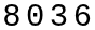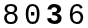 <table cellspacing="0" style="margin:1em auto; text-align:center">
 <tr>
 <td></td>
 <td></td>
 <td></td>
 <td></td>
 </tr>
 <tr>
 <td>8</td>
 <td>0</td>
-<td>3</td>
+<td><strong>3</strong></td>
 <td>6</td>
 </tr>
 </table>
